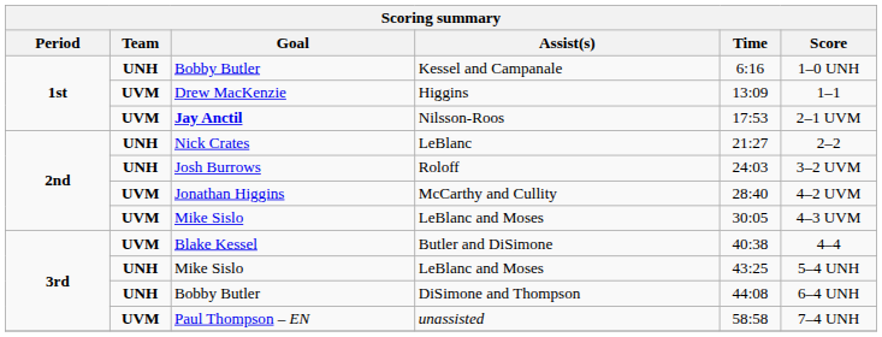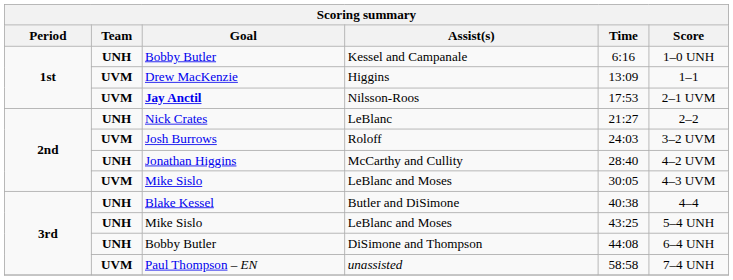 <table style="width:100%;" class="wikitable">
 <tr>
 <th colspan=6>Scoring summary</th>
 </tr>
 <tr>
 <th style="width:12%;">Period</th>
 <th style="width:7%;">Team</th>
 <th style="width:28%;">Goal</th>
 <th style="width:35%;">Assist(s)</th>
 <th style="width:7%;">Time</th>
 <th style="width:11%;">Score</th>
 </tr>
 <tr>
 <td style="text-align:center;" rowspan="3"><strong>1st</strong></td>
 <td align=center><strong>UNH</strong></td>
 <td><a href='#'>Bobby Butler</a></td>
 <td>Kessel and Campanale</td>
 <td align=center>6:16</td>
 <td align=center>1–0 UNH</td>
 </tr>
 <tr>
 <td align=center><strong>UVM</strong></td>
 <td><a href='#'>Drew MacKenzie</a></td>
 <td>Higgins</td>
 <td align=center>13:09</td>
 <td align=center>1–1</td>
 </tr>
 <tr>
 <td align=center><strong>UVM</strong></td>
 <td><strong><a href='#'>Jay Anctil</a></strong></td>
 <td>Nilsson-Roos</td>
 <td align=center>17:53</td>
 <td align=center>2–1 UVM</td>
 </tr>
 <tr>
 <td style="text-align:center;" rowspan="4"><strong>2nd</strong></td>
 <td align=center><strong>UNH</strong></td>
 <td><a href='#'>Nick Crates</a></td>
 <td>LeBlanc</td>
 <td align=center>21:27</td>
 <td align=center>2–2</td>
 </tr>
 <tr>
-<td align=center><strong>UNH</strong></td>
+<td align=center><strong>UVM</strong></td>
 <td><a href='#'>Josh Burrows</a></td>
 <td>Roloff</td>
 <td align=center>24:03</td>
 <td align=center>3–2 UVM</td>
 </tr>
 <tr>
-<td align=center><strong>UVM</strong></td>
+<td align=center><strong>UNH</strong></td>
 <td><a href='#'> Jonathan Higgins</a></td>
 <td>McCarthy and Cullity</td>
 <td align=center>28:40</td>
 <td align=center>4–2 UVM</td>
 </tr>
 <tr>
 <td align=center><strong>UVM</strong></td>
 <td><a href='#'>Mike Sislo</a></td>
 <td>LeBlanc and Moses</td>
 <td align=center>30:05</td>
 <td align=center>4–3 UVM</td>
 </tr>
 <tr>
 <td style="text-align:center;" rowspan="4"><strong>3rd</strong></td>
-<td align=center><strong>UVM</strong></td>
+<td align=center><strong>UNH</strong></td>
 <td><a href='#'>Blake Kessel</a></td>
 <td>Butler and DiSimone</td>
 <td align=center>40:38</td>
 <td align=center>4–4</td>
 </tr>
 <tr>
 <td align=center><strong>UNH</strong></td>
 <td>Mike Sislo</td>
 <td>LeBlanc and Moses</td>
 <td align=center>43:25</td>
 <td align=center>5–4 UNH</td>
 </tr>
 <tr>
 <td align=center><strong>UNH</strong></td>
 <td>Bobby Butler</td>
 <td>DiSimone and Thompson</td>
 <td align=center>44:08</td>
 <td align=center>6–4 UNH</td>
 </tr>
 <tr>
 <td align=center><strong>UVM</strong></td>
 <td><a href='#'>Paul Thompson</a> – <em>EN</em></td>
 <td><em>unassisted</em></td>
 <td align=center>58:58</td>
 <td align=center>7–4 UNH</td>
 </tr>
 <tr>
 </tr>
 </table>
